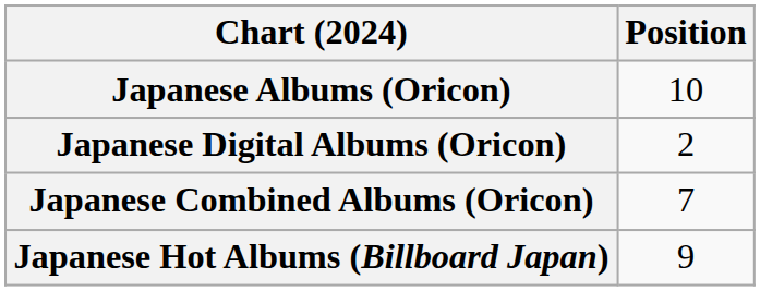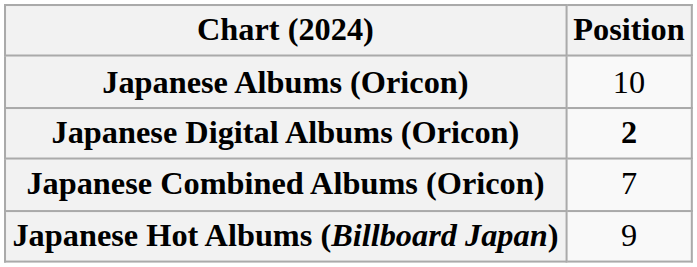 <table class="wikitable sortable plainrowheaders" style="text-align:center">
 <tr>
 <th scope="col">Chart (2024)</th>
 <th scope="col">Position</th>
 </tr>
 <tr>
 <th scope="row">Japanese Albums (Oricon)</th>
 <td>10</td>
 </tr>
 <tr>
 <th scope="row">Japanese Digital Albums (Oricon)</th>
-<td align="center">2</td>
+<td align="center"><strong>2</strong></td>
 </tr>
 <tr>
 <th scope="row">Japanese Combined Albums (Oricon)</th>
 <td>7</td>
 </tr>
 <tr>
 <th scope="row">Japanese Hot Albums (<em>Billboard Japan</em>)</th>
 <td>9</td>
 </tr>
 </table>
